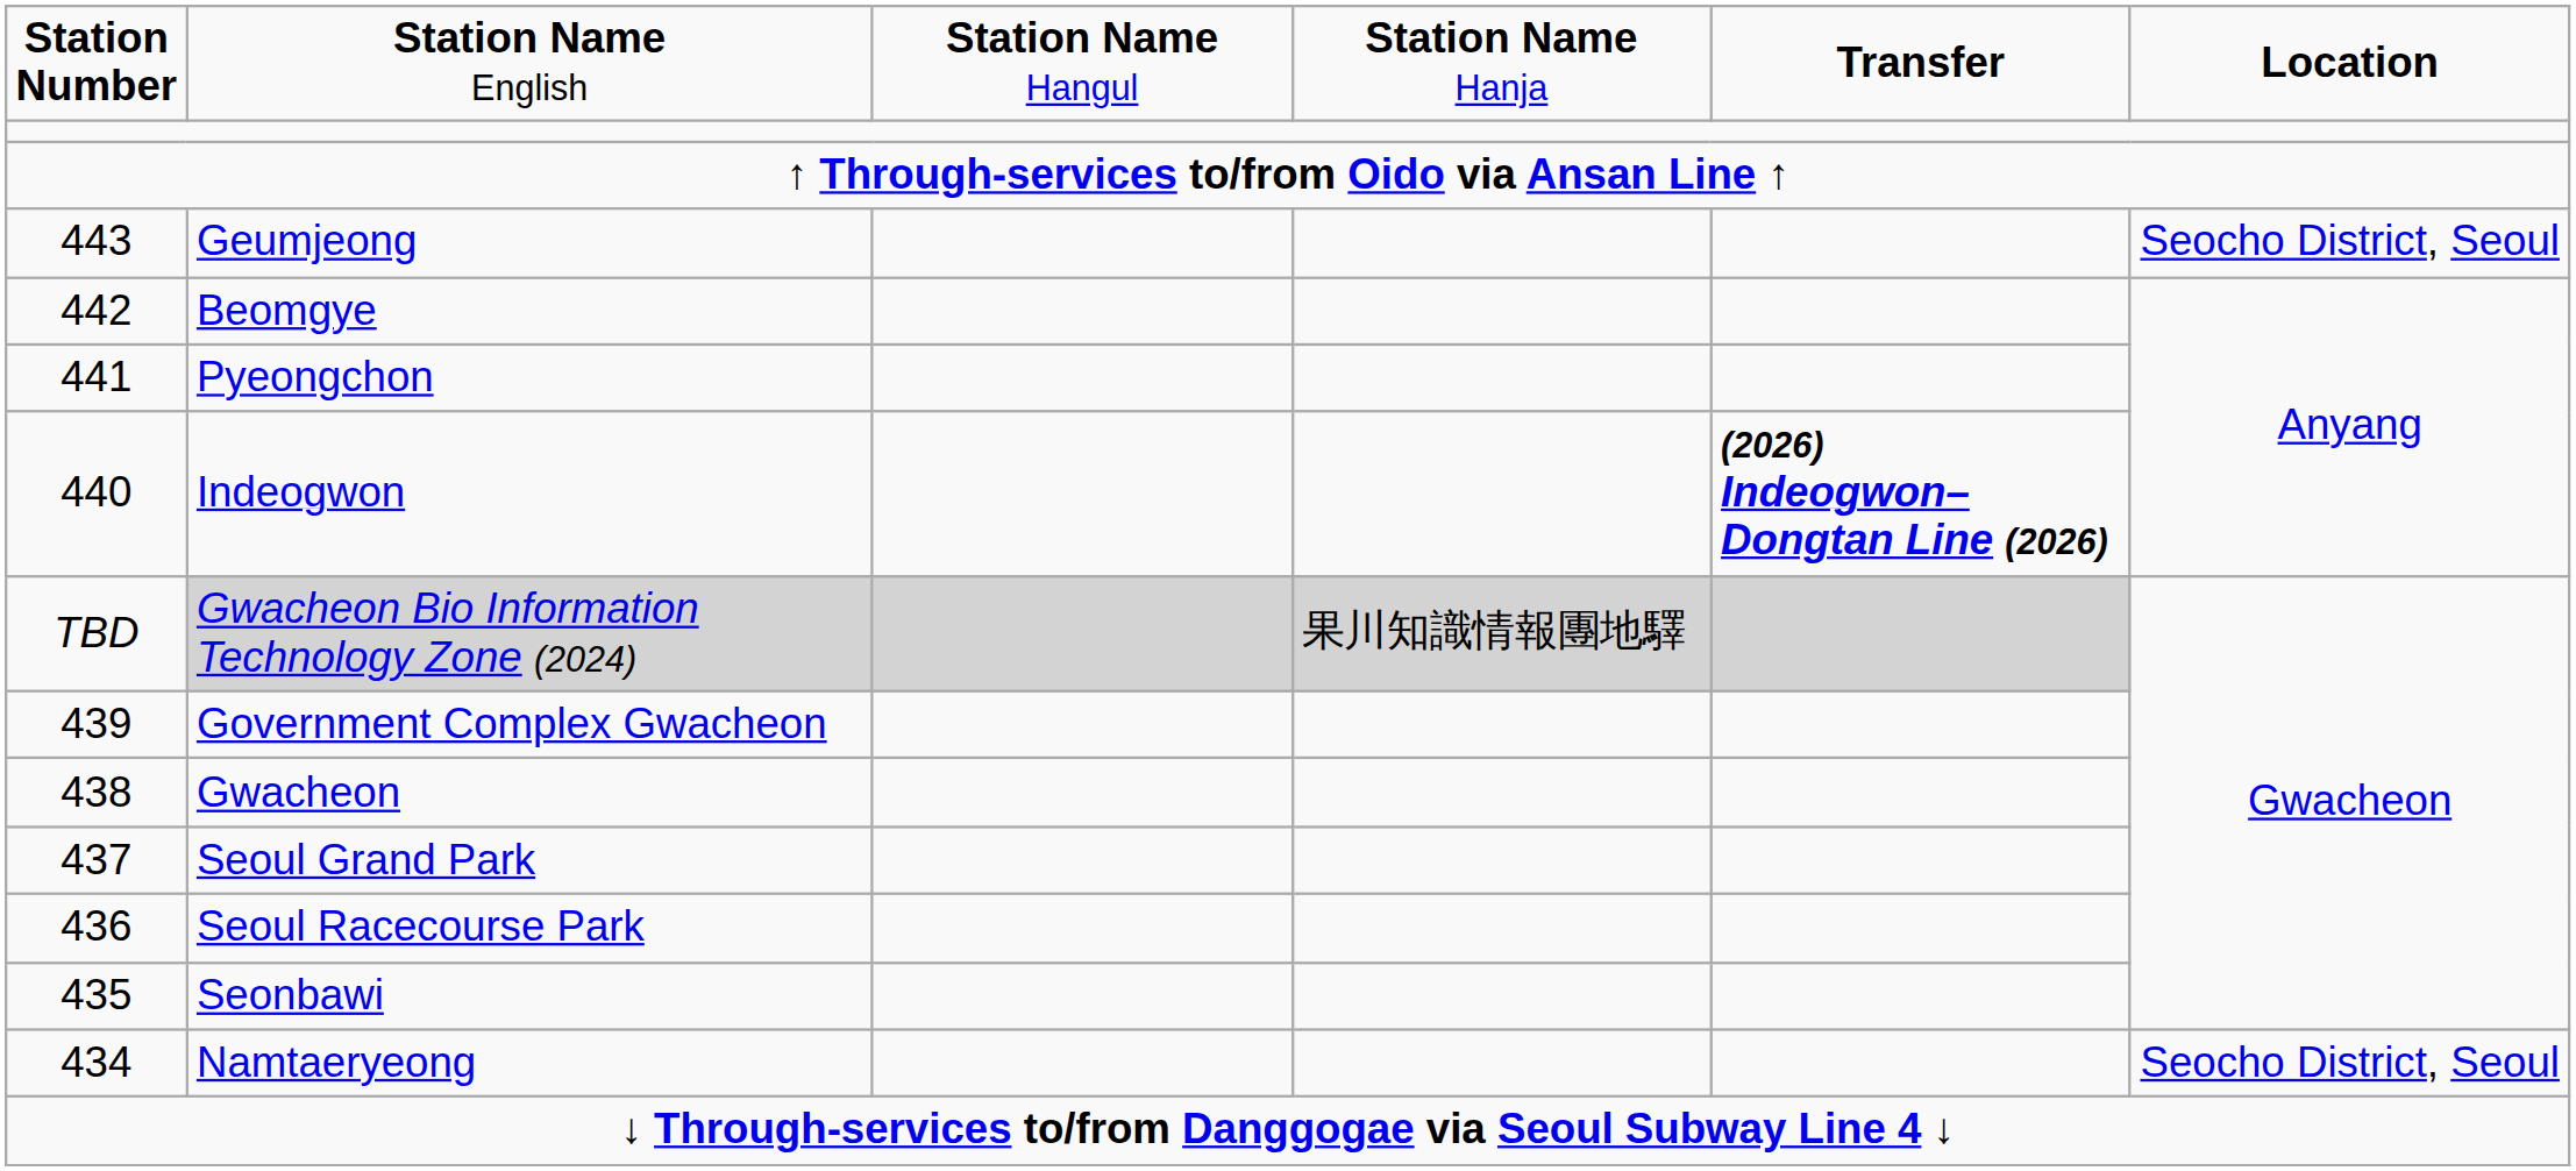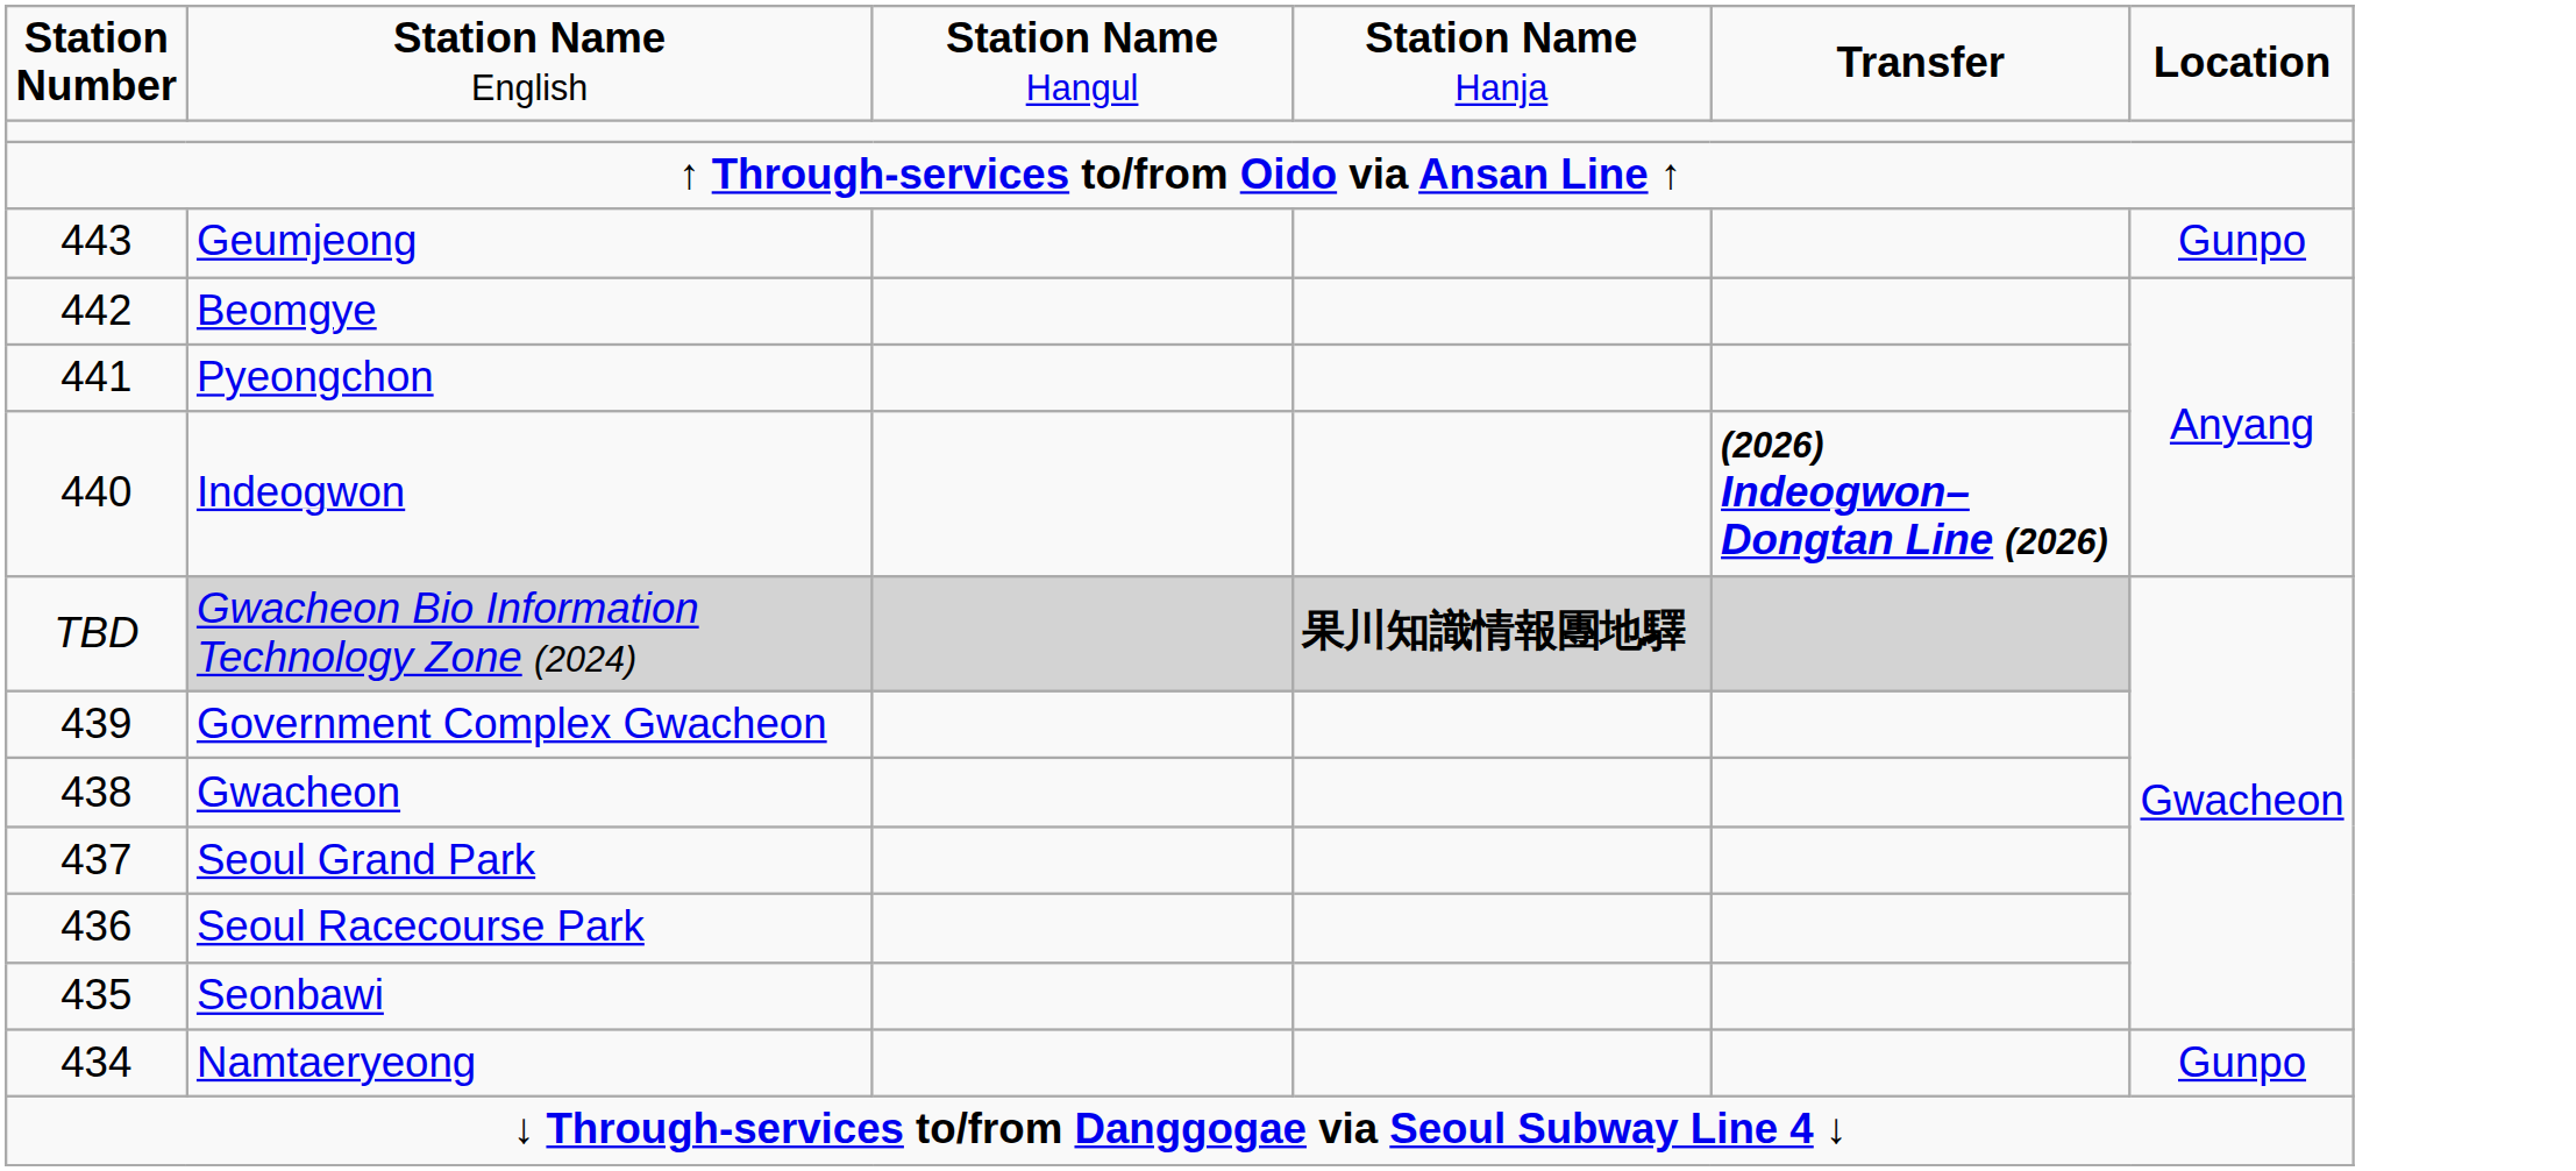 <table class="wikitable">
 <tr>
 <td style="text-align:center;"><strong>Station<br>Number</strong></td>
 <td width = "250pt" style="text-align:center;"><strong>Station Name</strong><br><small>English</small></td>
 <td width = "150pt" style="text-align:center;"><strong>Station Name</strong><br><small><a href='#'>Hangul</a></small></td>
 <td width = "150pt" style="text-align:center;"><strong>Station Name</strong><br><small><a href='#'>Hanja</a></small></td>
 <td width = "150pt" style="text-align:center;"><strong>Transfer</strong></td>
 <td colspan = "2" style="text-align:center;"><strong>Location</strong></td>
 </tr>
 <tr style="background:#">
 <td colspan = "10"></td>
 </tr>
 <tr>
 <td colspan="6" style="text-align:center;"><strong>↑ <a href='#'>Through-services</a> to/from <a href='#'>Oido</a> via <a href='#'>Ansan Line</a> ↑</strong></td>
 </tr>
 <tr>
 <td style="text-align:center;">443</td>
 <td><a href='#'>Geumjeong</a></td>
 <td></td>
 <td></td>
 <td></td>
-<td rowspan="1" style="text-align:center;"><a href='#'>Seocho District</a>, <a href='#'>Seoul</a></td>
+<td style="text-align:center;"><a href='#'>Gunpo</a></td>
 </tr>
 <tr>
 <td style="text-align:center;">442</td>
 <td><a href='#'>Beomgye</a></td>
 <td></td>
 <td></td>
 <td></td>
 <td rowspan="3" style="text-align:center;"><a href='#'>Anyang</a></td>
 </tr>
 <tr>
 <td style="text-align:center;">441</td>
 <td><a href='#'>Pyeongchon</a></td>
 <td></td>
 <td></td>
 <td></td>
 </tr>
 <tr>
 <td style="text-align:center;">440</td>
 <td><a href='#'>Indeogwon</a></td>
 <td></td>
 <td></td>
 <td><strong> <small><em>(2026)</em></small><br><em><a href='#'>Indeogwon–Dongtan Line</a> <small>(2026)</small></em></strong></td>
 </tr>
 <tr>
 <td style="background:#lightgrey; text-align:center;"><em>TBD</em></td>
 <td bgcolor="lightgrey"><em><a href='#'>Gwacheon Bio Information Technology Zone</a> <small>(2024)</small></em></td>
 <td bgcolor="lightgrey"></td>
-<td bgcolor="lightgrey">果川知識情報團地驛</td>
+<td bgcolor="lightgrey"><strong>果川知識情報團地驛</strong></td>
 <td bgcolor="lightgrey"></td>
 <td rowspan="6" style="text-align:center;"><a href='#'>Gwacheon</a></td>
 </tr>
 <tr>
 <td style="text-align:center;">439</td>
 <td><a href='#'>Government Complex Gwacheon</a></td>
 <td></td>
 <td></td>
 <td></td>
 </tr>
 <tr>
 <td style="text-align:center;">438</td>
 <td><a href='#'>Gwacheon</a></td>
 <td></td>
 <td></td>
 <td></td>
 </tr>
 <tr>
 <td style="text-align:center;">437</td>
 <td><a href='#'>Seoul Grand Park</a></td>
 <td></td>
 <td></td>
 <td></td>
 </tr>
 <tr>
 <td style="text-align:center;">436</td>
 <td><a href='#'>Seoul Racecourse Park</a></td>
 <td></td>
 <td></td>
 <td></td>
 </tr>
 <tr>
 <td style="text-align:center;">435</td>
 <td><a href='#'>Seonbawi</a></td>
 <td></td>
 <td></td>
 <td></td>
 </tr>
 <tr>
 <td style="text-align:center;">434</td>
 <td><a href='#'>Namtaeryeong</a></td>
 <td></td>
 <td></td>
 <td></td>
-<td rowspan="1" style="text-align:center;"><a href='#'>Seocho District</a>, <a href='#'>Seoul</a></td>
+<td style="text-align:center;"><a href='#'>Gunpo</a></td>
 </tr>
 <tr>
 <td colspan="6" style="text-align:center;">↓ <strong><a href='#'>Through-services</a> to/from <a href='#'>Danggogae</a> via <a href='#'>Seoul Subway Line 4</a> ↓</strong></td>
 </tr>
 <tr>
 </tr>
 </table>
